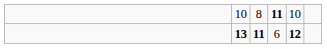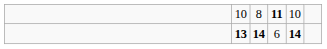 <table class="wikitable">
 <tr>
 <td style="width:18em"></td>
 <td align=center style="width:1em">10</td>
 <td align=center style="width:1em">8</td>
 <td align=center style="width:1em"><strong>11</strong></td>
 <td align=center style="width:1em">10</td>
 <td align=center style="width:1em"></td>
 </tr>
 <tr>
 <td style="width:18em"><strong></strong></td>
 <td align=center style="width:1em"><strong>13</strong></td>
-<td align=center style="width:1em"><strong>11</strong></td>
+<td align=center style="width:1em"><strong>14</strong></td>
 <td align=center style="width:1em">6</td>
-<td align=center style="width:1em"><strong>12</strong></td>
+<td align=center style="width:1em"><strong>14</strong></td>
 <td align=center style="width:1em"></td>
 </tr>
 </table>
